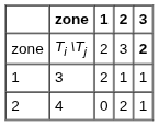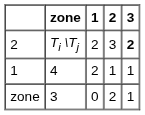 <table border="1" cellpadding="5" cellspacing="0" align="center">
 <tr>
 <th></th>
 <th>zone</th>
 <th>1</th>
 <th>2</th>
 <th>3</th>
 </tr>
 <tr>
-<td>zone</td>
+<td>2</td>
 <td><em>T<sub>i</sub> \T<sub>j</sub></em></td>
 <td>2</td>
 <td>3</td>
 <td><strong>2</strong></td>
 </tr>
 <tr>
 <td>1</td>
-<td>3</td>
+<td>4</td>
 <td>2</td>
 <td>1</td>
 <td>1</td>
 </tr>
 <tr>
-<td>2</td>
-<td>4</td>
+<td>zone</td>
+<td>3</td>
 <td>0</td>
 <td>2</td>
 <td>1</td>
 </tr>
 <tr>
 </tr>
 </table>
